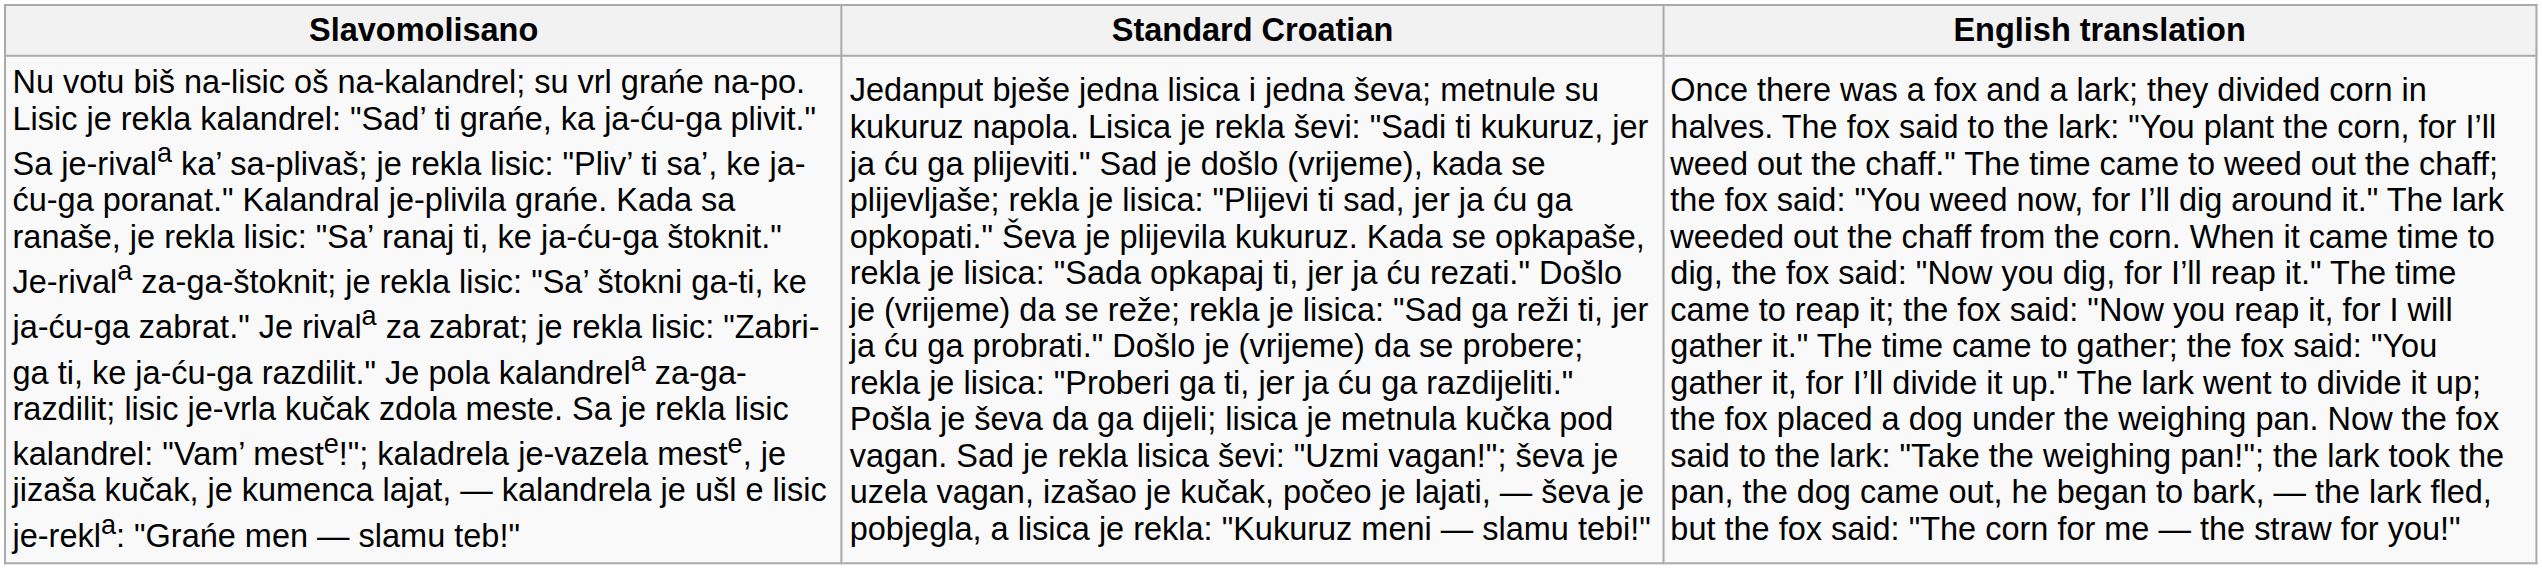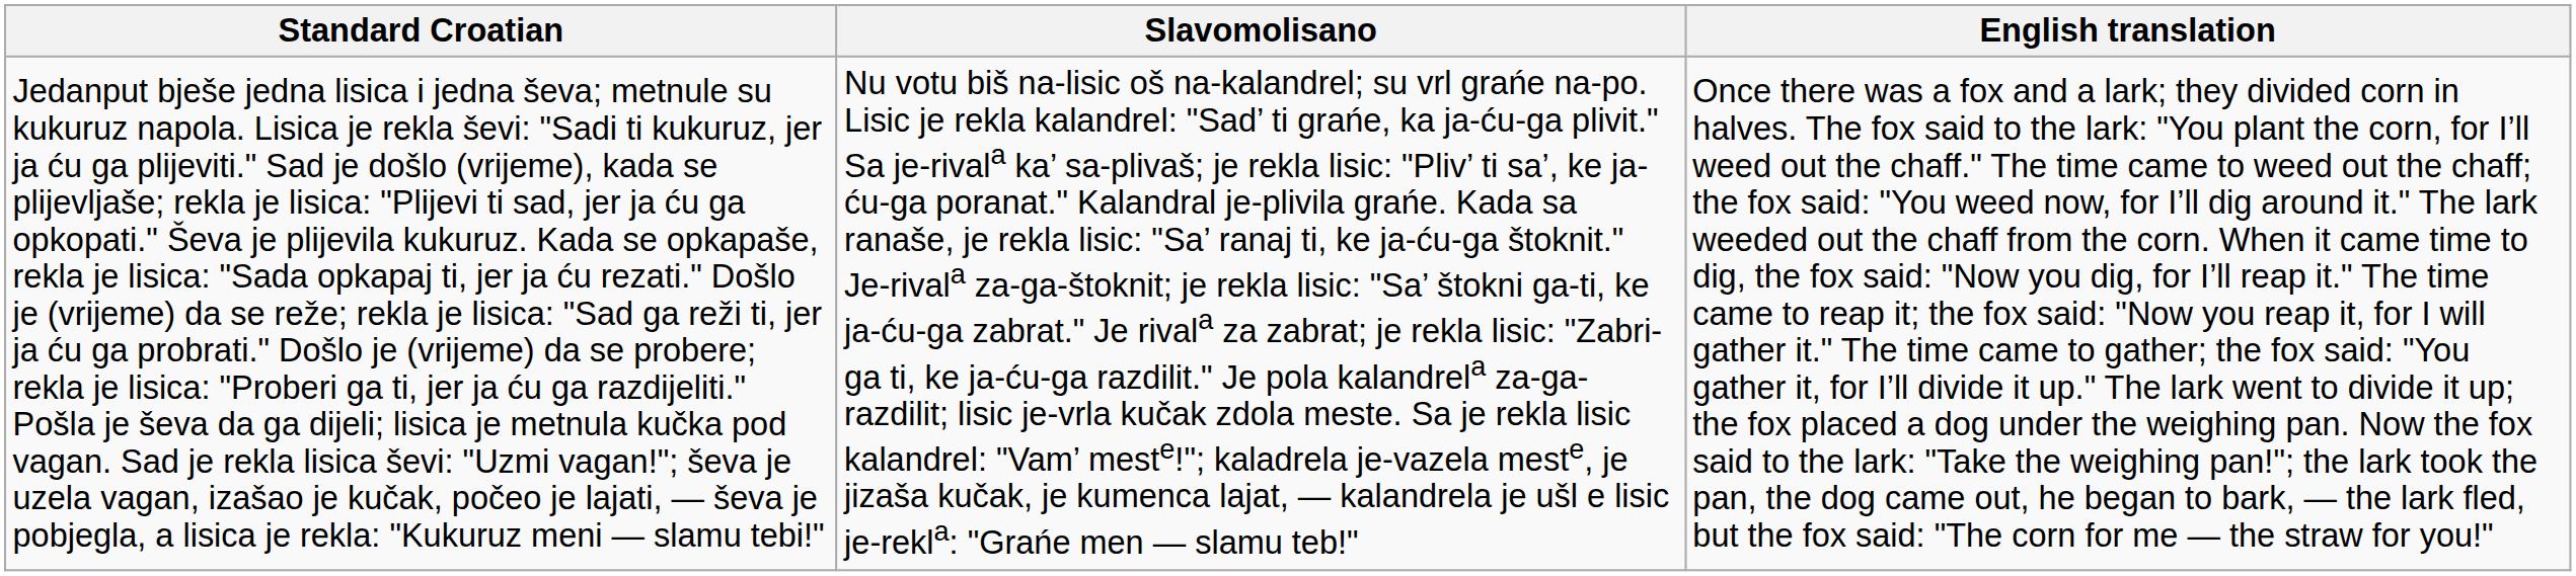 <table class="wikitable" style="font-size: 100%;">
 <tr>
+<th scope="col">Standard Croatian</th>
 <th scope="col">Slavomolisano</th>
-<th scope="col">Standard Croatian</th>
 <th scope="col">English translation</th>
 </tr>
 <tr>
+<td>Jedanput bješe jedna lisica i jedna ševa; metnule su kukuruz napola. Lisica je rekla ševi: "Sadi ti kukuruz, jer ja ću ga plijeviti." Sad je došlo (vrijeme), kada se plijevljaše; rekla je lisica: "Plijevi ti sad, jer ja ću ga opkopati." Ševa je plijevila kukuruz. Kada se opkapaše, rekla je lisica: "Sada opkapaj ti, jer ja ću rezati." Došlo je (vrijeme) da se reže; rekla je lisica: "Sad ga reži ti, jer ja ću ga probrati." Došlo je (vrijeme) da se probere; rekla je lisica: "Proberi ga ti, jer ja ću ga razdijeliti." Pošla je ševa da ga dijeli; lisica je metnula kučka pod vagan. Sad je rekla lisica ševi: "Uzmi vagan!"; ševa je uzela vagan, izašao je kučak, počeo je lajati, — ševa je pobjegla, a lisica je rekla: "Kukuruz meni — slamu tebi!"</td>
 <td>Nu votu biš na-lisic oš na-kalandrel; su vrl grańe na-po. Lisic je rekla kalandrel: "Sad’ ti grańe, ka ja-ću-ga plivit." Sa je-rival<sup>a</sup> ka’ sa-plivaš; je rekla lisic: "Pliv’ ti sa’, ke ja-ću-ga poranat." Kalandral je-plivila grańe. Kada sa ranaše, je rekla lisic: "Sa’ ranaj ti, ke ja-ću-ga štoknit." Je-rival<sup>a</sup> za-ga-štoknit; je rekla lisic: "Sa’ štokni ga-ti, ke ja-ću-ga zabrat." Je rival<sup>a</sup> za zabrat; je rekla lisic: "Zabri-ga ti, ke ja-ću-ga razdilit." Je pola kalandrel<sup>a</sup> za-ga-razdilit; lisic je-vrla kučak zdola meste. Sa je rekla lisic kalandrel: "Vam’ mest<sup>e</sup>!"; kaladrela je-vazela mest<sup>e</sup>, je jizaša kučak, je kumenca lajat, — kalandrela je ušl e lisic je-rekl<sup>a</sup>: "Grańe men — slamu teb!"</td>
-<td>Jedanput bješe jedna lisica i jedna ševa; metnule su kukuruz napola. Lisica je rekla ševi: "Sadi ti kukuruz, jer ja ću ga plijeviti." Sad je došlo (vrijeme), kada se plijevljaše; rekla je lisica: "Plijevi ti sad, jer ja ću ga opkopati." Ševa je plijevila kukuruz. Kada se opkapaše, rekla je lisica: "Sada opkapaj ti, jer ja ću rezati." Došlo je (vrijeme) da se reže; rekla je lisica: "Sad ga reži ti, jer ja ću ga probrati." Došlo je (vrijeme) da se probere; rekla je lisica: "Proberi ga ti, jer ja ću ga razdijeliti." Pošla je ševa da ga dijeli; lisica je metnula kučka pod vagan. Sad je rekla lisica ševi: "Uzmi vagan!"; ševa je uzela vagan, izašao je kučak, počeo je lajati, — ševa je pobjegla, a lisica je rekla: "Kukuruz meni — slamu tebi!"</td>
 <td>Once there was a fox and a lark; they divided corn in halves. The fox said to the lark: "You plant the corn, for I’ll weed out the chaff." The time came to weed out the chaff; the fox said: "You weed now, for I’ll dig around it." The lark weeded out the chaff from the corn. When it came time to dig, the fox said: "Now you dig, for I’ll reap it." The time came to reap it; the fox said: "Now you reap it, for I will gather it." The time came to gather; the fox said: "You gather it, for I’ll divide it up." The lark went to divide it up; the fox placed a dog under the weighing pan. Now the fox said to the lark: "Take the weighing pan!"; the lark took the pan, the dog came out, he began to bark, — the lark fled, but the fox said: "The corn for me — the straw for you!"</td>
 </tr>
 </table>
